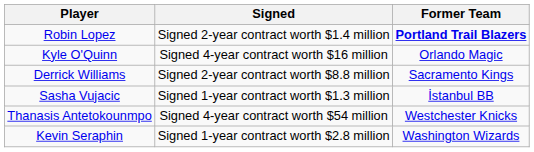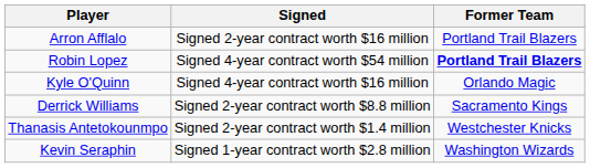 <table class="wikitable sortable sortable">
 <tr>
 <th>Player</th>
 <th>Signed</th>
 <th>Former Team</th>
 </tr>
 <tr style="text-align: center">
+<td><a href='#'>Arron Afflalo</a></td>
+<td>Signed 2-year contract worth $16 million</td>
+<td><a href='#'>Portland Trail Blazers</a></td>
+</tr>
+<tr style="text-align: center">
 <td><a href='#'>Robin Lopez</a></td>
-<td>Signed 2-year contract worth $1.4 million</td>
+<td>Signed 4-year contract worth $54 million</td>
 <td><strong><a href='#'>Portland Trail Blazers</a></strong></td>
 </tr>
 <tr style="text-align: center">
 <td><a href='#'>Kyle O'Quinn</a></td>
 <td>Signed 4-year contract worth $16 million</td>
 <td><a href='#'>Orlando Magic</a></td>
 </tr>
 <tr style="text-align: center">
 <td><a href='#'>Derrick Williams</a></td>
 <td>Signed 2-year contract worth $8.8 million</td>
 <td><a href='#'>Sacramento Kings</a></td>
 </tr>
 <tr style="text-align: center">
-<td><a href='#'>Sasha Vujacic</a></td>
-<td>Signed 1-year contract worth $1.3 million</td>
-<td><a href='#'>İstanbul BB</a></td>
-</tr>
-<tr style="text-align: center">
 <td><a href='#'>Thanasis Antetokounmpo</a></td>
-<td>Signed 4-year contract worth $54 million</td>
+<td>Signed 2-year contract worth $1.4 million</td>
 <td><a href='#'>Westchester Knicks</a></td>
 </tr>
 <tr style="text-align: center">
 <td><a href='#'>Kevin Seraphin</a></td>
 <td>Signed 1-year contract worth $2.8 million</td>
 <td><a href='#'>Washington Wizards</a></td>
 </tr>
 </table>
